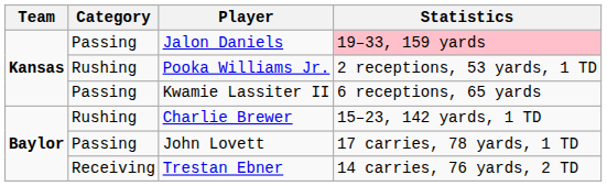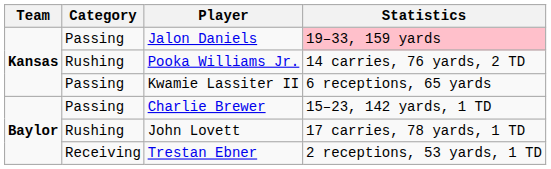 <table class="wikitable" style="float: left;">
 <tr>
 <th>Team</th>
 <th>Category</th>
 <th>Player</th>
 <th>Statistics</th>
 </tr>
 <tr>
 <td rowspan=3><strong>Kansas</strong></td>
 <td>Passing</td>
 <td><a href='#'>Jalon Daniels</a></td>
 <td style="background: pink;">19–33, 159 yards</td>
 </tr>
 <tr>
 <td>Rushing</td>
 <td><a href='#'>Pooka Williams Jr.</a></td>
-<td>2 receptions, 53 yards, 1 TD</td>
+<td>14 carries, 76 yards, 2 TD</td>
 </tr>
 <tr>
 <td>Passing</td>
 <td>Kwamie Lassiter II</td>
 <td>6 receptions, 65 yards</td>
 </tr>
 <tr>
 <td rowspan=3><strong>Baylor</strong></td>
-<td>Rushing</td>
+<td>Passing</td>
 <td><a href='#'>Charlie Brewer</a></td>
 <td>15–23, 142 yards, 1 TD</td>
 </tr>
 <tr>
-<td>Passing</td>
+<td>Rushing</td>
 <td>John Lovett</td>
 <td>17 carries, 78 yards, 1 TD</td>
 </tr>
 <tr>
 <td>Receiving</td>
 <td><a href='#'>Trestan Ebner</a></td>
-<td>14 carries, 76 yards, 2 TD</td>
+<td>2 receptions, 53 yards, 1 TD</td>
 </tr>
 </table>
